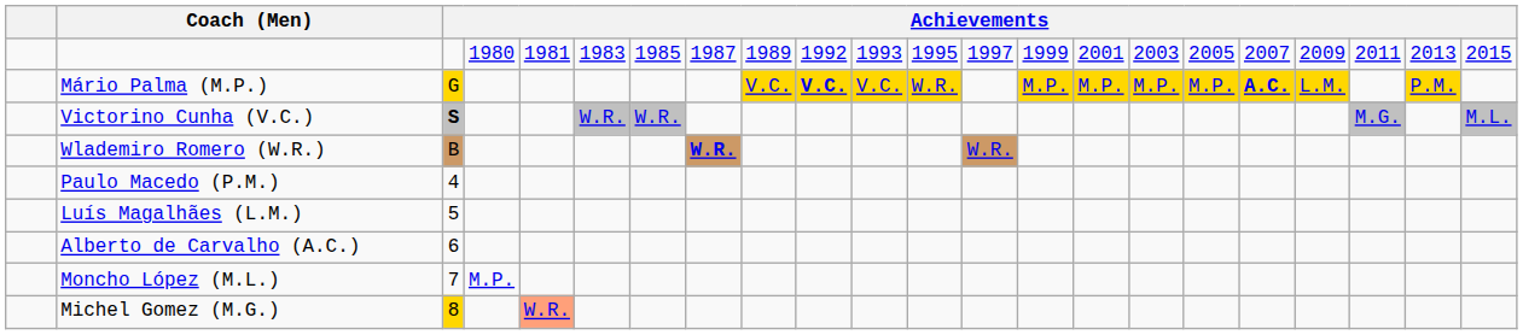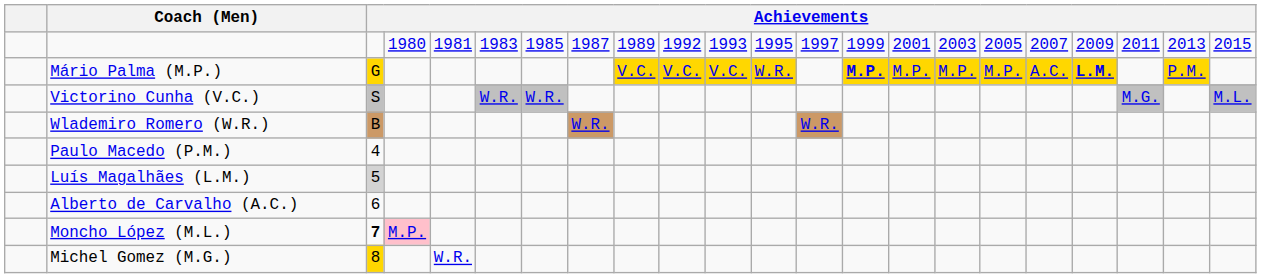 <table class="wikitable" style="font-size:90%;">
 <tr>
 <th width=25></th>
 <th width=230>Coach (Men)</th>
 <th colspan="20"><a href='#'>Achievements</a></th>
 </tr>
 <tr>
 <td></td>
 <td></td>
 <td></td>
 <td><a href='#'>1980</a></td>
 <td><a href='#'>1981</a></td>
 <td><a href='#'>1983</a></td>
 <td><a href='#'>1985</a></td>
 <td><a href='#'>1987</a></td>
 <td><a href='#'>1989</a></td>
 <td><a href='#'>1992</a></td>
 <td><a href='#'>1993</a></td>
 <td><a href='#'>1995</a></td>
 <td><a href='#'>1997</a></td>
 <td><a href='#'>1999</a></td>
 <td><a href='#'>2001</a></td>
 <td><a href='#'>2003</a></td>
 <td><a href='#'>2005</a></td>
 <td><a href='#'>2007</a></td>
 <td><a href='#'>2009</a></td>
 <td><a href='#'>2011</a></td>
 <td><a href='#'>2013</a></td>
 <td><a href='#'>2015</a></td>
 </tr>
 <tr>
 <td align=right></td>
 <td><a href='#'>Mário Palma</a> (M.P.)    </td>
 <td style="background:gold;">G</td>
 <td></td>
 <td></td>
 <td></td>
 <td></td>
 <td></td>
 <td style="background:gold;"><a href='#'>V.C.</a></td>
-<td style="background:gold;"><strong><a href='#'>V.C.</a></strong></td>
+<td style="background:gold;"><a href='#'>V.C.</a></td>
 <td style="background:gold;"><a href='#'>V.C.</a></td>
 <td style="background:gold;"><a href='#'>W.R.</a></td>
 <td></td>
+<td style="background:gold;"><strong><a href='#'>M.P.</a></strong></td>
 <td style="background:gold;"><a href='#'>M.P.</a></td>
 <td style="background:gold;"><a href='#'>M.P.</a></td>
 <td style="background:gold;"><a href='#'>M.P.</a></td>
-<td style="background:gold;"><a href='#'>M.P.</a></td>
-<td style="background:gold;"><strong><a href='#'>A.C.</a></strong></td>
-<td style="background:gold;"><a href='#'>L.M.</a></td>
+<td style="background:gold;"><a href='#'>A.C.</a></td>
+<td style="background:gold;"><strong><a href='#'>L.M.</a></strong></td>
 <td></td>
 <td style="background:gold;"><a href='#'>P.M.</a></td>
 <td></td>
 </tr>
 <tr>
 <td align=right></td>
 <td><a href='#'>Victorino Cunha</a> (V.C.)   </td>
-<td style="background:silver;"><strong>S</strong></td>
+<td style="background:silver;">S</td>
 <td></td>
 <td></td>
 <td style="background:silver;"><a href='#'>W.R.</a></td>
 <td style="background:silver;"><a href='#'>W.R.</a></td>
 <td></td>
 <td></td>
 <td></td>
 <td></td>
 <td></td>
 <td></td>
 <td></td>
 <td></td>
 <td></td>
 <td></td>
 <td></td>
 <td></td>
 <td style="background:silver;"><a href='#'>M.G.</a></td>
 <td></td>
 <td style="background:silver;"><a href='#'>M.L.</a></td>
 </tr>
 <tr>
 <td align=right></td>
 <td><a href='#'>Wlademiro Romero</a> (W.R.)     </td>
 <td style="background:#c96;">B</td>
 <td></td>
 <td></td>
 <td></td>
 <td></td>
-<td style="background:#c96;"><strong><a href='#'>W.R.</a></strong></td>
+<td style="background:#c96;"><a href='#'>W.R.</a></td>
 <td></td>
 <td></td>
 <td></td>
 <td></td>
 <td style="background:#c96;"><a href='#'>W.R.</a></td>
 <td></td>
 <td></td>
 <td></td>
 <td></td>
 <td></td>
 <td></td>
 <td></td>
 <td></td>
 <td></td>
 </tr>
 <tr>
 <td align=right></td>
 <td><a href='#'>Paulo Macedo</a> (P.M.) </td>
 <td>4</td>
 <td></td>
 <td></td>
 <td></td>
 <td></td>
 <td></td>
 <td></td>
 <td></td>
 <td></td>
 <td></td>
 <td></td>
 <td></td>
 <td></td>
 <td></td>
 <td></td>
 <td></td>
 <td></td>
 <td></td>
 <td></td>
 <td></td>
 </tr>
 <tr>
 <td align=right></td>
 <td><a href='#'>Luís Magalhães</a> (L.M.) </td>
-<td>5</td>
+<td style="background: lightgrey;">5</td>
 <td></td>
 <td></td>
 <td></td>
 <td></td>
 <td></td>
 <td></td>
 <td></td>
 <td></td>
 <td></td>
 <td></td>
 <td></td>
 <td></td>
 <td></td>
 <td></td>
 <td></td>
 <td></td>
 <td></td>
 <td></td>
 <td></td>
 </tr>
 <tr>
 <td align=right></td>
 <td><a href='#'>Alberto de Carvalho</a> (A.C.) </td>
 <td>6</td>
 <td></td>
 <td></td>
 <td></td>
 <td></td>
 <td></td>
 <td></td>
 <td></td>
 <td></td>
 <td></td>
 <td></td>
 <td></td>
 <td></td>
 <td></td>
 <td></td>
 <td></td>
 <td></td>
 <td></td>
 <td></td>
 <td></td>
 </tr>
 <tr>
 <td align=right></td>
 <td><a href='#'>Moncho López</a> (M.L.) </td>
-<td>7</td>
-<td><a href='#'>M.P.</a></td>
+<td><strong>7</strong></td>
+<td style="background: pink;"><a href='#'>M.P.</a></td>
 <td></td>
 <td></td>
 <td></td>
 <td></td>
 <td></td>
 <td></td>
 <td></td>
 <td></td>
 <td></td>
 <td></td>
 <td></td>
 <td></td>
 <td></td>
 <td></td>
 <td></td>
 <td></td>
 <td></td>
 <td></td>
 </tr>
 <tr>
 <td align=right></td>
 <td>Michel Gomez (M.G.) </td>
 <td style="background: gold;">8</td>
 <td></td>
-<td style="background: lightsalmon;"><a href='#'>W.R.</a></td>
+<td><a href='#'>W.R.</a></td>
 <td></td>
 <td></td>
 <td></td>
 <td></td>
 <td></td>
 <td></td>
 <td></td>
 <td></td>
 <td></td>
 <td></td>
 <td></td>
 <td></td>
 <td></td>
 <td></td>
 <td></td>
 <td></td>
 <td></td>
 </tr>
 </table>
